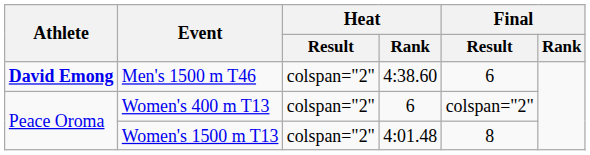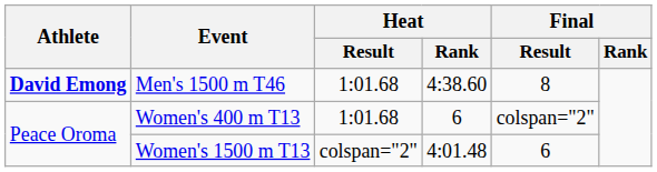 <table class="wikitable" style="font-size:90%">
 <tr>
 <th rowspan="2">Athlete</th>
 <th rowspan="2">Event</th>
 <th colspan="2">Heat</th>
 <th colspan="2">Final</th>
 </tr>
 <tr style="font-size:95%">
 <th>Result</th>
 <th>Rank</th>
 <th>Result</th>
 <th>Rank</th>
 </tr>
 <tr align=center>
 <td align=left><strong><a href='#'>David Emong</a></strong></td>
 <td align=left><a href='#'>Men's 1500 m T46</a></td>
-<td>colspan="2" </td>
+<td>1:01.68</td>
 <td>4:38.60</td>
-<td>6</td>
+<td>8</td>
 </tr>
 <tr align=center>
 <td align=left rowspan=2><a href='#'>Peace Oroma</a></td>
 <td align=left><a href='#'>Women's 400 m T13</a></td>
-<td>colspan="2" </td>
+<td>1:01.68</td>
 <td>6</td>
 <td>colspan="2" </td>
 </tr>
 <tr align=center>
 <td align=left><a href='#'>Women's 1500 m T13</a></td>
 <td>colspan="2" </td>
 <td>4:01.48</td>
-<td>8</td>
+<td>6</td>
 </tr>
 </table>
